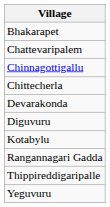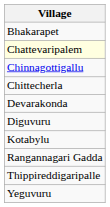 <table class="wikitable sortable static-row-numbers static-row-header-hash">
 <tr>
 <th>Village</th>
 </tr>
 <tr>
 <td>Bhakarapet</td>
 </tr>
 <tr>
-<td>Chattevaripalem</td>
+<td style="background: lightyellow;">Chattevaripalem</td>
 </tr>
 <tr>
 <td><a href='#'>Chinnagottigallu</a></td>
 </tr>
 <tr>
 <td>Chittecherla</td>
 </tr>
 <tr>
 <td>Devarakonda</td>
 </tr>
 <tr>
 <td>Diguvuru</td>
 </tr>
 <tr>
 <td>Kotabylu</td>
 </tr>
 <tr>
 <td>Rangannagari Gadda</td>
 </tr>
 <tr>
 <td>Thippireddigaripalle</td>
 </tr>
 <tr>
 <td>Yeguvuru</td>
 </tr>
 </table>
